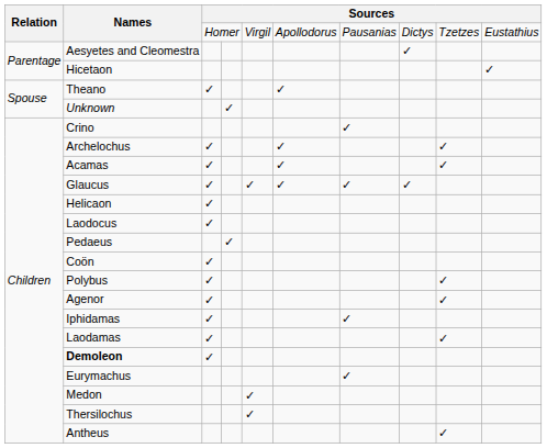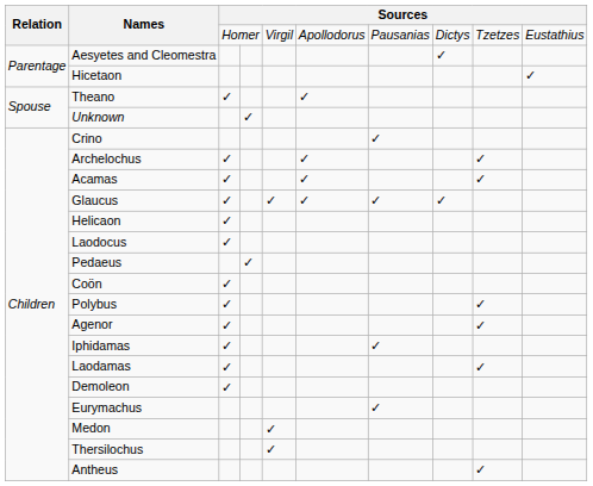 <table class="wikitable">
 <tr>
 <th rowspan="2">Relation</th>
 <th rowspan="2">Names</th>
 <th colspan="8">Sources</th>
 </tr>
 <tr>
 <td colspan="2"><em>Homer</em></td>
 <td><em>Virgil</em></td>
 <td><em>Apollodorus</em></td>
 <td><em>Pausanias</em></td>
 <td><em>Dictys</em></td>
 <td><em>Tzetzes</em></td>
 <td><em>Eustathius</em></td>
 </tr>
 <tr>
 <td rowspan="2"><em>Parentage</em></td>
 <td>Aesyetes and Cleomestra</td>
 <td></td>
 <td></td>
 <td></td>
 <td></td>
 <td></td>
 <td>✓</td>
 <td></td>
 <td></td>
 </tr>
 <tr>
 <td>Hicetaon</td>
 <td></td>
 <td></td>
 <td></td>
 <td></td>
 <td></td>
 <td></td>
 <td></td>
 <td>✓</td>
 </tr>
 <tr>
 <td rowspan="2"><em>Spouse</em></td>
 <td>Theano</td>
 <td>✓</td>
 <td></td>
 <td></td>
 <td>✓</td>
 <td></td>
 <td></td>
 <td></td>
 <td></td>
 </tr>
 <tr>
 <td><em>Unknown</em></td>
 <td></td>
 <td>✓</td>
 <td></td>
 <td></td>
 <td></td>
 <td></td>
 <td></td>
 <td></td>
 </tr>
 <tr>
 <td rowspan="17"><em>Children</em></td>
 <td>Crino</td>
 <td></td>
 <td></td>
 <td></td>
 <td></td>
 <td>✓</td>
 <td></td>
 <td></td>
 <td></td>
 </tr>
 <tr>
 <td>Archelochus</td>
 <td>✓</td>
 <td></td>
 <td></td>
 <td>✓</td>
 <td></td>
 <td></td>
 <td>✓</td>
 <td></td>
 </tr>
 <tr>
 <td>Acamas</td>
 <td>✓</td>
 <td></td>
 <td></td>
 <td>✓</td>
 <td></td>
 <td></td>
 <td>✓</td>
 <td></td>
 </tr>
 <tr>
 <td>Glaucus</td>
 <td>✓</td>
 <td></td>
 <td>✓</td>
 <td>✓</td>
 <td>✓</td>
 <td>✓</td>
 <td></td>
 <td></td>
 </tr>
 <tr>
 <td>Helicaon</td>
 <td>✓</td>
 <td></td>
 <td></td>
 <td></td>
 <td></td>
 <td></td>
 <td></td>
 <td></td>
 </tr>
 <tr>
 <td>Laodocus</td>
 <td>✓</td>
 <td></td>
 <td></td>
 <td></td>
 <td></td>
 <td></td>
 <td></td>
 <td></td>
 </tr>
 <tr>
 <td>Pedaeus</td>
 <td></td>
 <td>✓</td>
 <td></td>
 <td></td>
 <td></td>
 <td></td>
 <td></td>
 <td></td>
 </tr>
 <tr>
 <td>Coön</td>
 <td>✓</td>
 <td></td>
 <td></td>
 <td></td>
 <td></td>
 <td></td>
 <td></td>
 <td></td>
 </tr>
 <tr>
 <td>Polybus</td>
 <td>✓</td>
 <td></td>
 <td></td>
 <td></td>
 <td></td>
 <td></td>
 <td>✓</td>
 <td></td>
 </tr>
 <tr>
 <td>Agenor</td>
 <td>✓</td>
 <td></td>
 <td></td>
 <td></td>
 <td></td>
 <td></td>
 <td>✓</td>
 <td></td>
 </tr>
 <tr>
 <td>Iphidamas</td>
 <td>✓</td>
 <td></td>
 <td></td>
 <td></td>
 <td>✓</td>
 <td></td>
 <td></td>
 <td></td>
 </tr>
 <tr>
 <td>Laodamas</td>
 <td>✓</td>
 <td></td>
 <td></td>
 <td></td>
 <td></td>
 <td></td>
 <td>✓</td>
 <td></td>
 </tr>
 <tr>
-<td><strong>Demoleon</strong></td>
+<td>Demoleon</td>
 <td>✓</td>
 <td></td>
 <td></td>
 <td></td>
 <td></td>
 <td></td>
 <td></td>
 <td></td>
 </tr>
 <tr>
 <td>Eurymachus</td>
 <td></td>
 <td></td>
 <td></td>
 <td></td>
 <td>✓</td>
 <td></td>
 <td></td>
 <td></td>
 </tr>
 <tr>
 <td>Medon</td>
 <td></td>
 <td></td>
 <td>✓</td>
 <td></td>
 <td></td>
 <td></td>
 <td></td>
 <td></td>
 </tr>
 <tr>
 <td>Thersilochus</td>
 <td></td>
 <td></td>
 <td>✓</td>
 <td></td>
 <td></td>
 <td></td>
 <td></td>
 <td></td>
 </tr>
 <tr>
 <td>Antheus</td>
 <td></td>
 <td></td>
 <td></td>
 <td></td>
 <td></td>
 <td></td>
 <td>✓</td>
 <td></td>
 </tr>
 </table>
